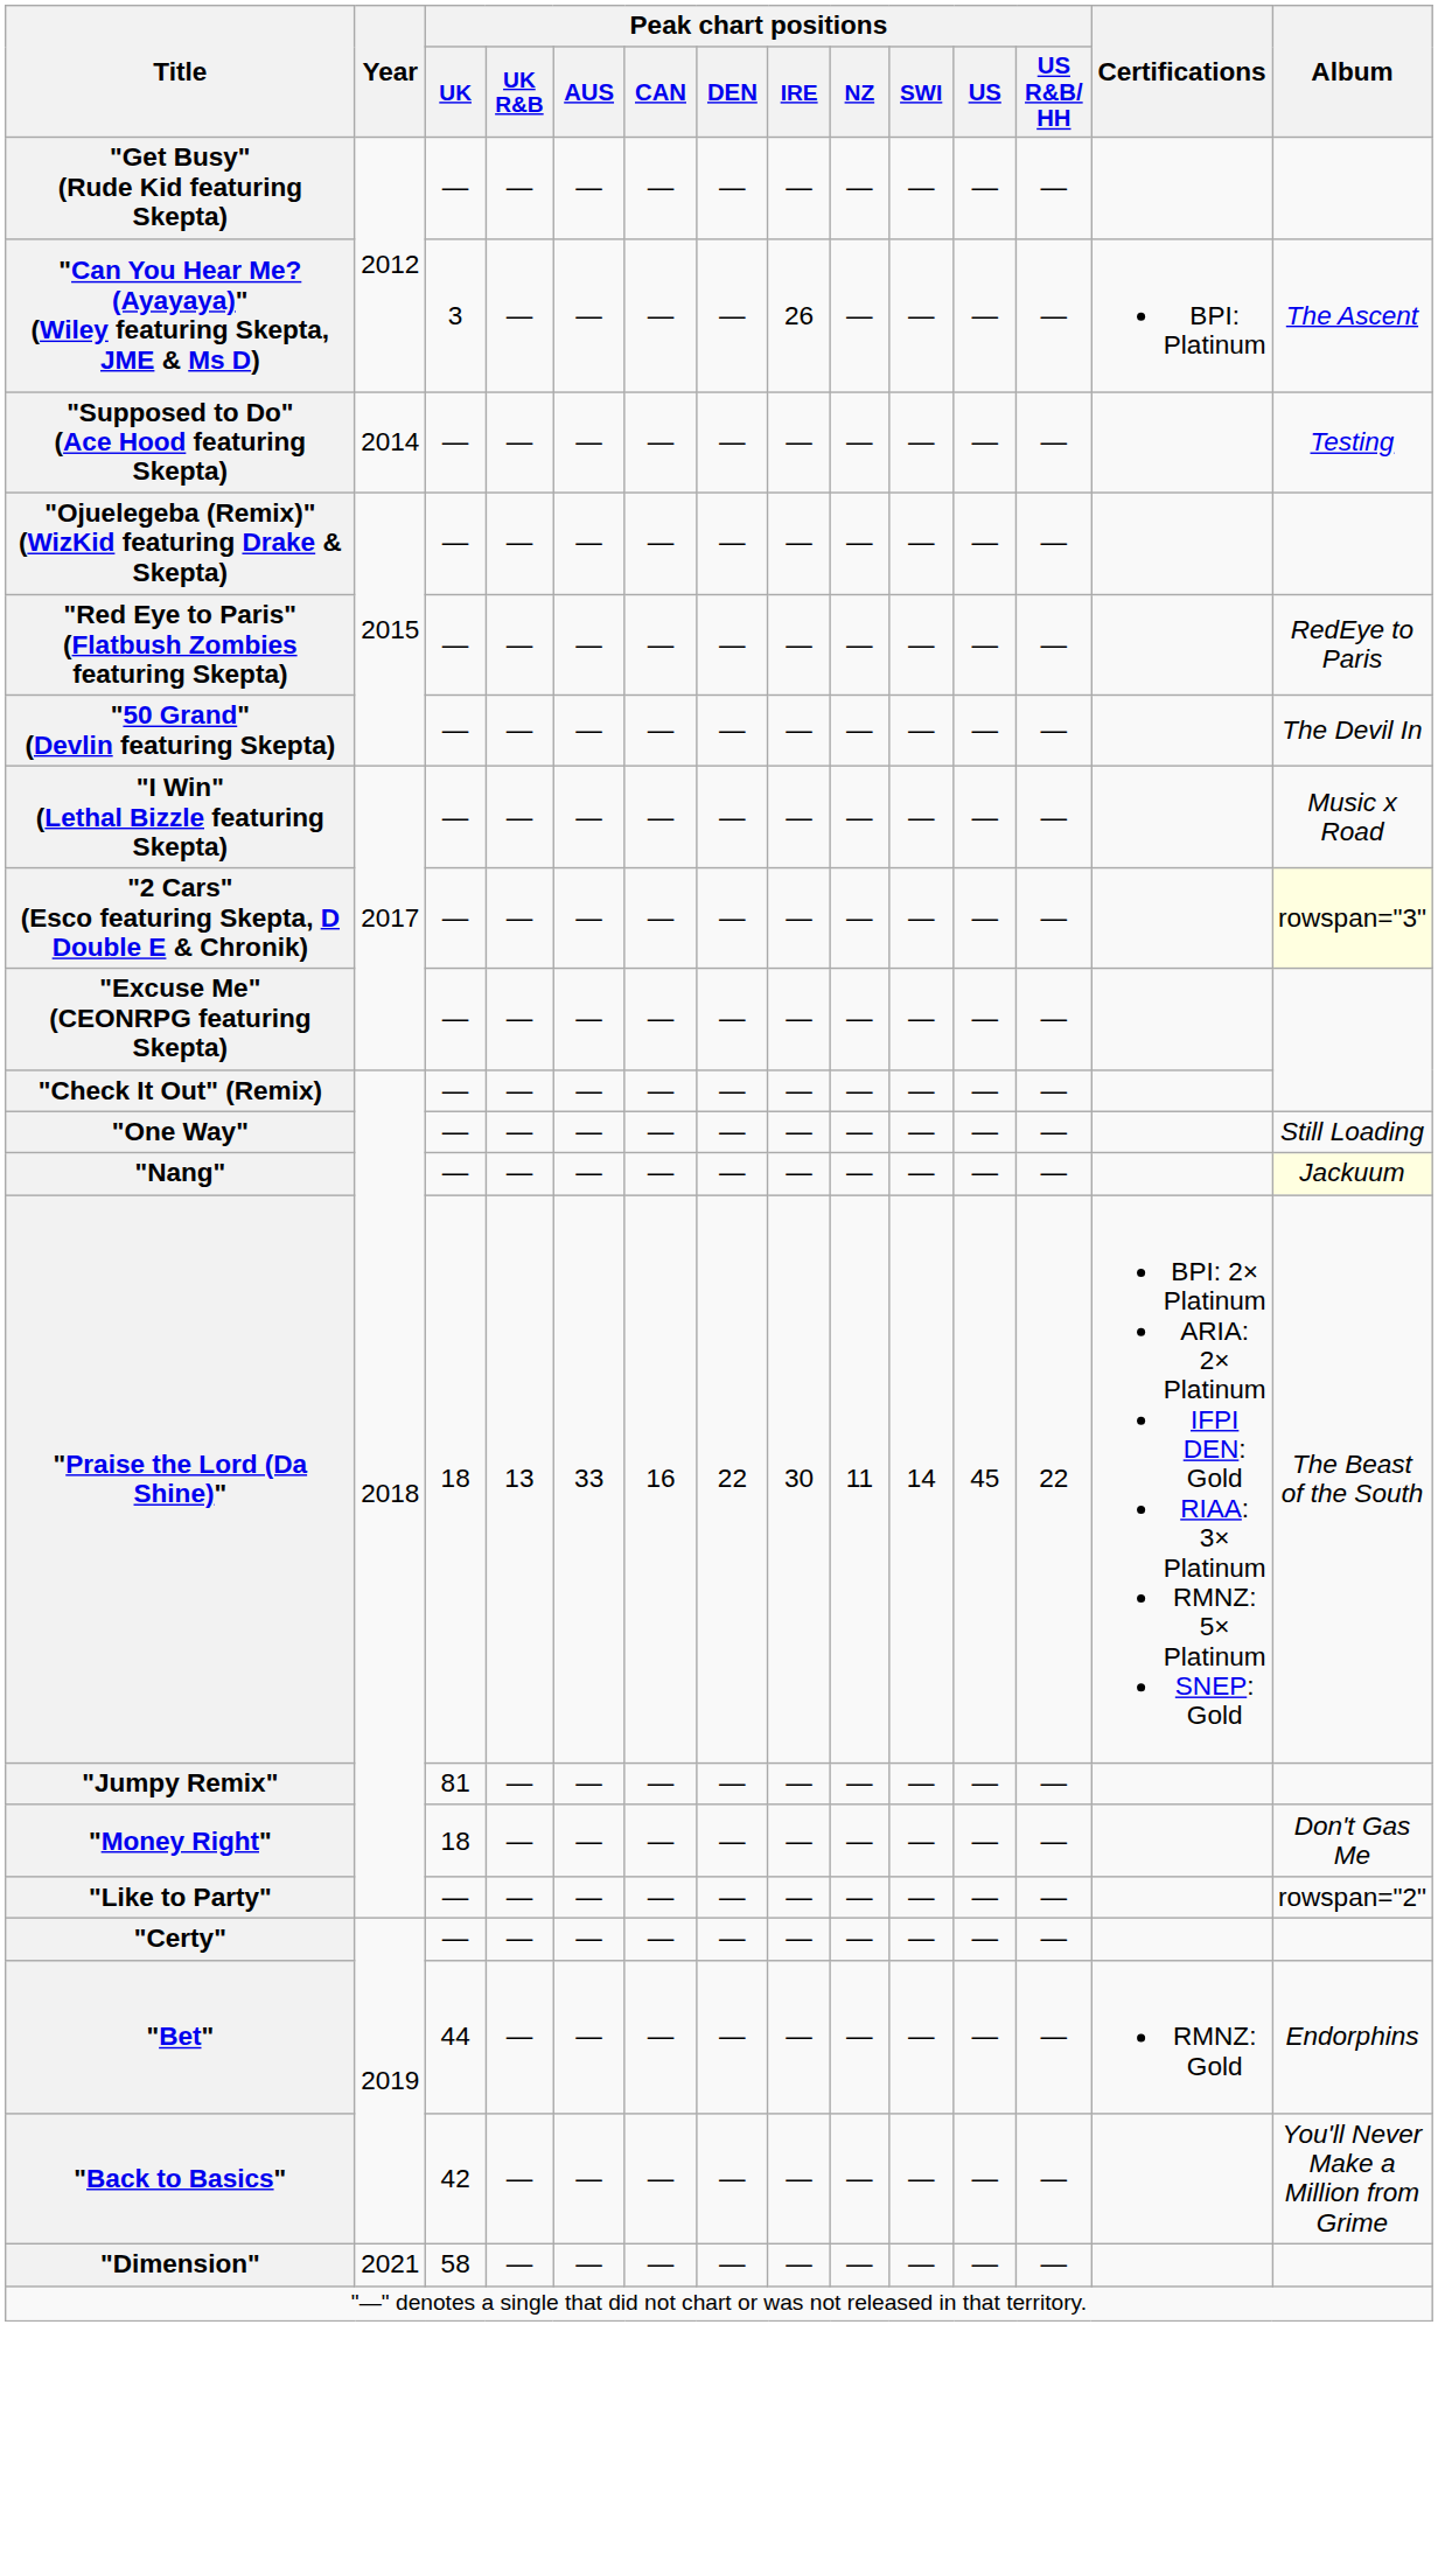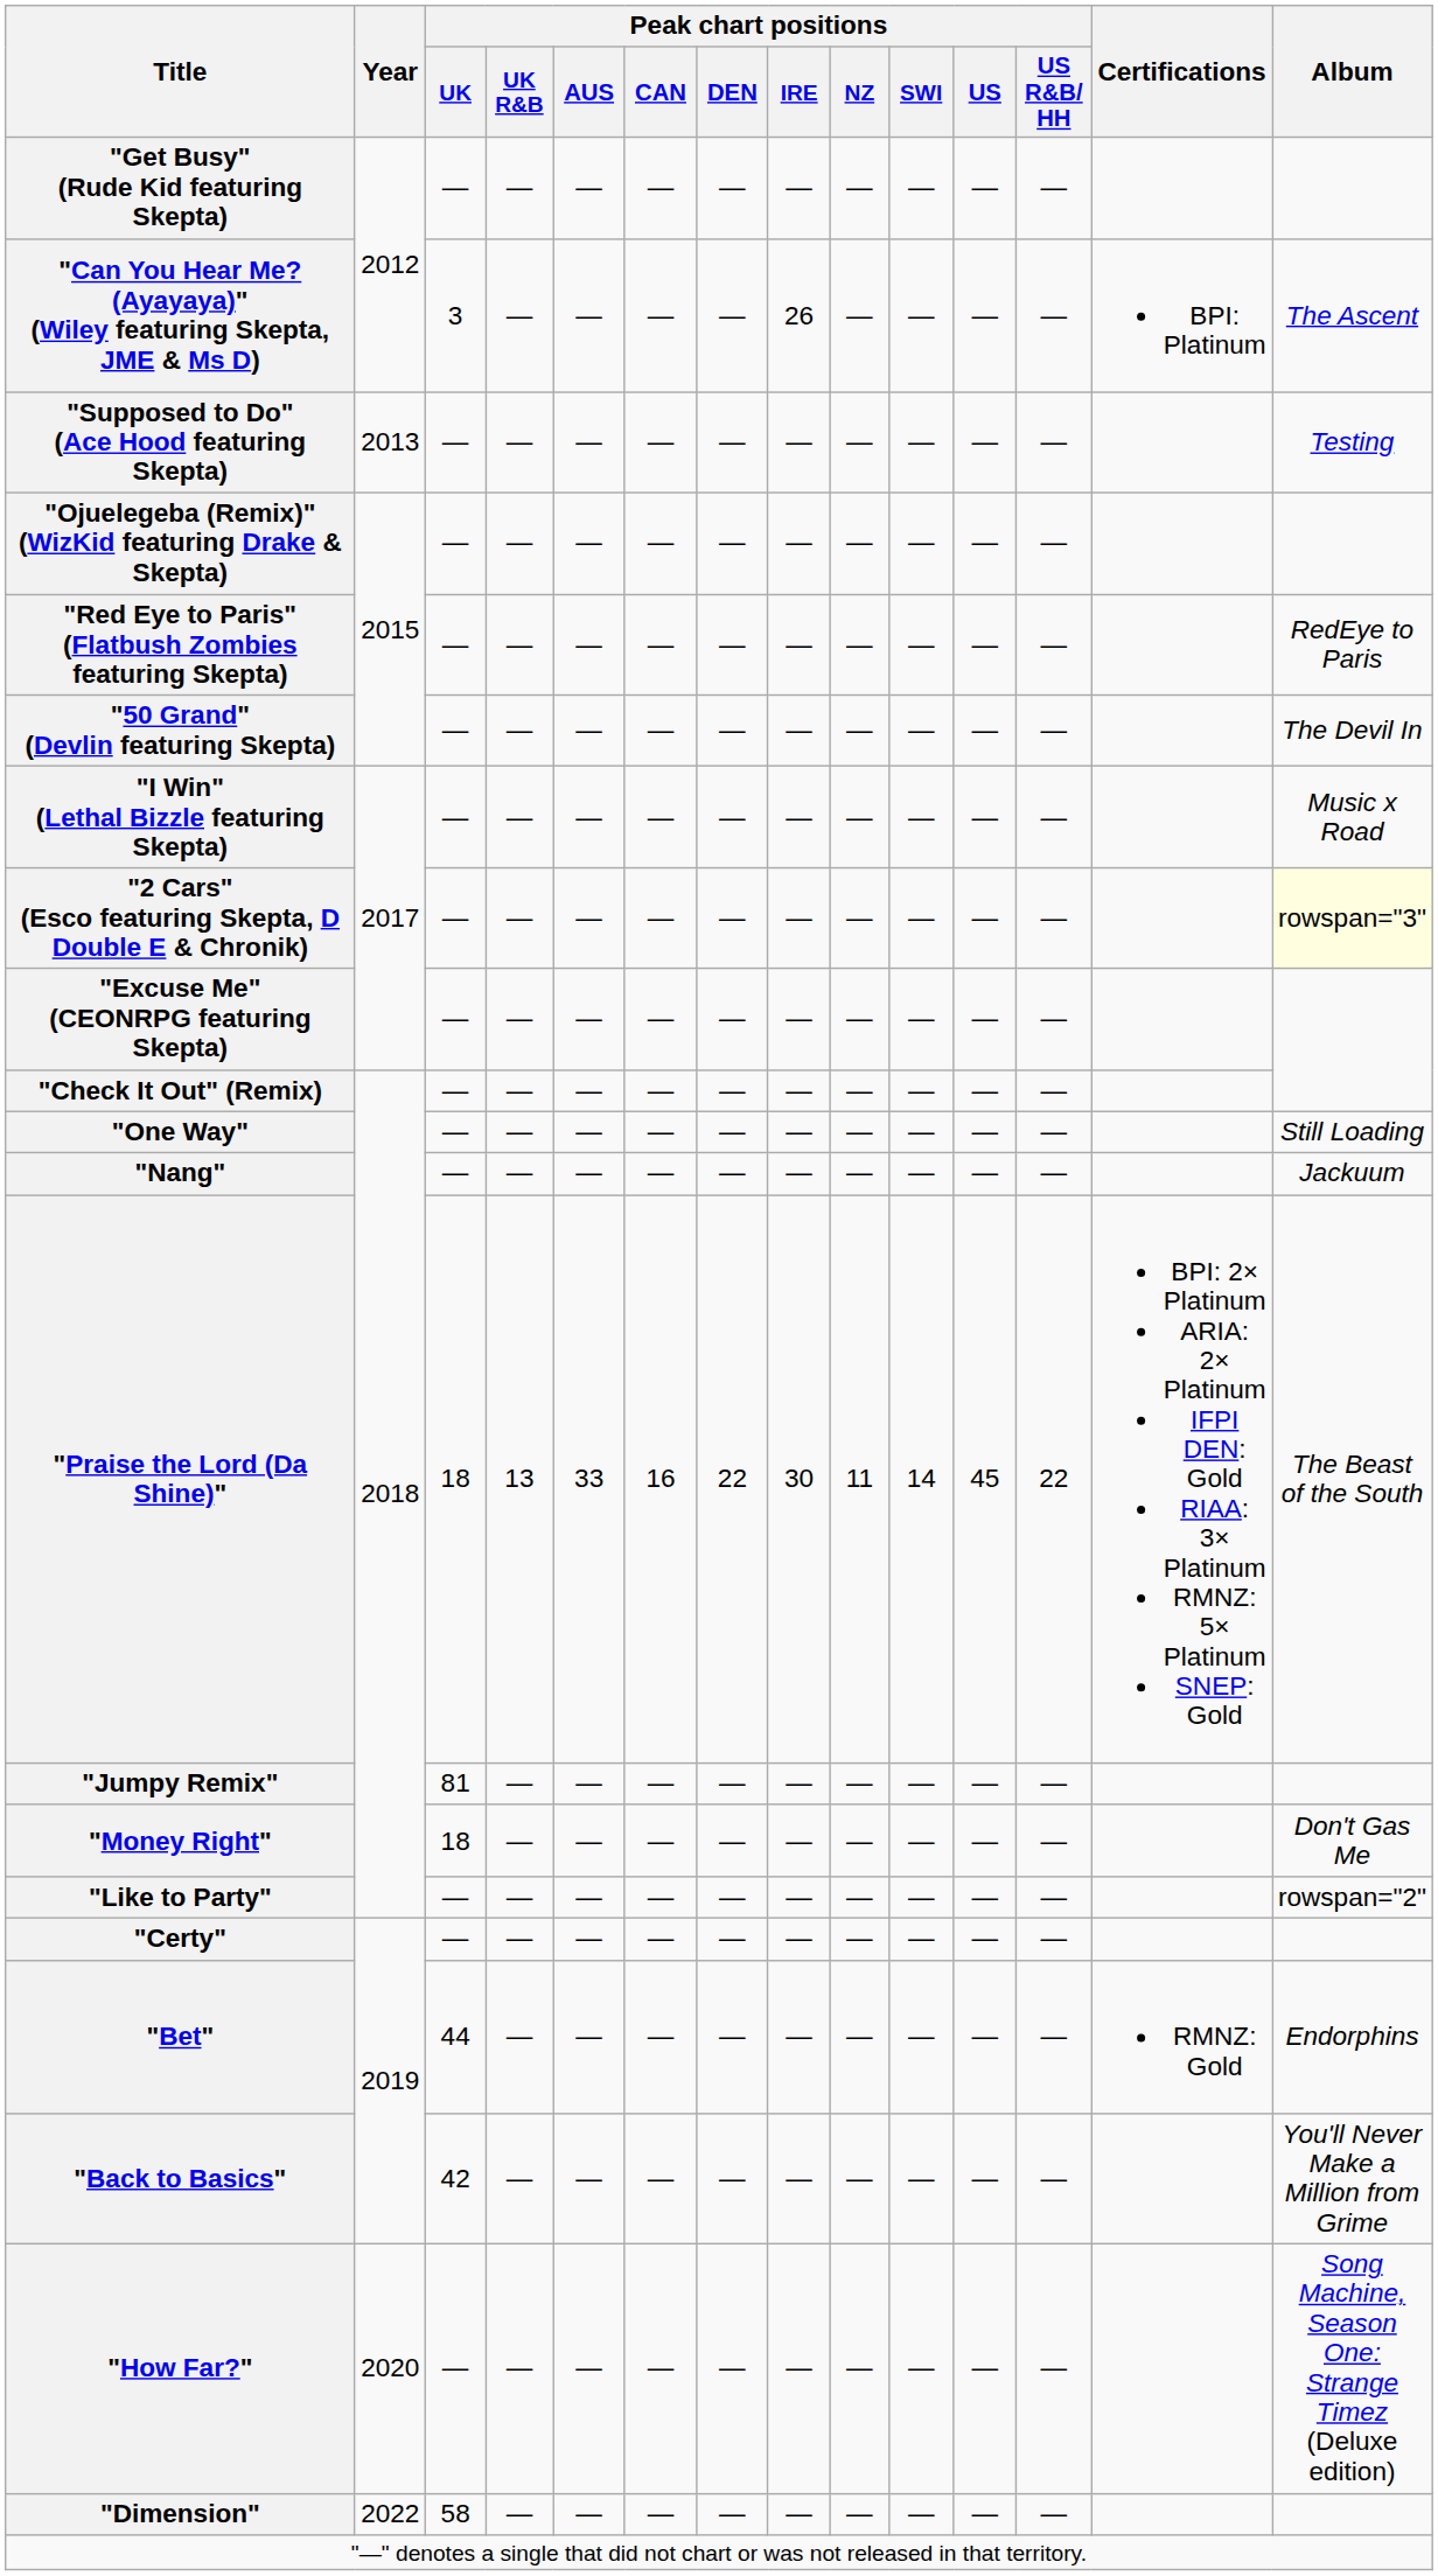 <table class="wikitable plainrowheaders" style="text-align:center;">
 <tr>
 <th scope="col" rowspan="2" style="width:20em;">Title</th>
 <th scope="col" rowspan="2" style="width:1em;">Year</th>
 <th scope="col" colspan="10">Peak chart positions</th>
 <th scope="col" rowspan="2">Certifications</th>
 <th scope="col" rowspan="2">Album</th>
 </tr>
 <tr>
 <th scope="col" style="width:3em;font-size:85%;"><a href='#'>UK</a><br></th>
 <th scope="col" style="width:3em;font-size:85%;"><a href='#'>UK<br>R&B</a><br></th>
 <th scope="col" style="width:3em;font-size:90%;"><a href='#'>AUS</a><br></th>
 <th scope="col" style="width:3em;font-size:90%;"><a href='#'>CAN</a><br></th>
 <th scope="col" style="width:3em;font-size:90%;"><a href='#'>DEN</a><br></th>
 <th scope="col" style="width:3em;font-size:85%;"><a href='#'>IRE</a><br></th>
 <th scope="col" style="width:3em;font-size:85%;"><a href='#'>NZ</a><br></th>
 <th scope="col" style="width:3em;font-size:85%;"><a href='#'>SWI</a><br></th>
 <th scope="col" style="width:3em;font-size:90%;"><a href='#'>US</a><br></th>
 <th scope="col" style="width:3em;font-size:90%;"><a href='#'>US<br>R&B/<br>HH</a><br></th>
 </tr>
 <tr>
 <th scope="row">"Get Busy"<br><span>(Rude Kid featuring Skepta)</span></th>
 <td rowspan="2">2012</td>
 <td>—</td>
 <td>—</td>
 <td>—</td>
 <td>—</td>
 <td>—</td>
 <td>—</td>
 <td>—</td>
 <td>—</td>
 <td>—</td>
 <td>—</td>
 <td></td>
 <td></td>
 </tr>
 <tr>
 <th scope="row">"<a href='#'>Can You Hear Me? (Ayayaya)</a>"<br><span>(<a href='#'>Wiley</a> featuring Skepta, <a href='#'>JME</a> & <a href='#'>Ms D</a>)</span></th>
 <td>3</td>
 <td>—</td>
 <td>—</td>
 <td>—</td>
 <td>—</td>
 <td>26</td>
 <td>—</td>
 <td>—</td>
 <td>—</td>
 <td>—</td>
 <td><br><ul><li>BPI: Platinum </li></ul></td>
 <td><em><a href='#'>The Ascent</a></em></td>
 </tr>
 <tr>
 <th scope="row">"Supposed to Do"<br><span>(<a href='#'>Ace Hood</a> featuring Skepta)</span></th>
-<td>2014</td>
+<td>2013</td>
 <td>—</td>
 <td>—</td>
 <td>—</td>
 <td>—</td>
 <td>—</td>
 <td>—</td>
 <td>—</td>
 <td>—</td>
 <td>—</td>
 <td>—</td>
 <td></td>
 <td><em><a href='#'>Testing</a></em></td>
 </tr>
 <tr>
 <th scope="row">"Ojuelegeba (Remix)"<br><span>(<a href='#'>WizKid</a> featuring <a href='#'>Drake</a> & Skepta)</span></th>
 <td rowspan="3">2015</td>
 <td>—</td>
 <td>—</td>
 <td>—</td>
 <td>—</td>
 <td>—</td>
 <td>—</td>
 <td>—</td>
 <td>—</td>
 <td>—</td>
 <td>—</td>
 <td></td>
 <td></td>
 </tr>
 <tr>
 <th scope="row">"Red Eye to Paris"<br><span>(<a href='#'>Flatbush Zombies</a> featuring Skepta)</span></th>
 <td>—</td>
 <td>—</td>
 <td>—</td>
 <td>—</td>
 <td>—</td>
 <td>—</td>
 <td>—</td>
 <td>—</td>
 <td>—</td>
 <td>—</td>
 <td></td>
 <td><em>RedEye to Paris</em></td>
 </tr>
 <tr>
 <th scope="row">"<a href='#'>50 Grand</a>"<br><span>(<a href='#'>Devlin</a> featuring Skepta)</span></th>
 <td>—</td>
 <td>—</td>
 <td>—</td>
 <td>—</td>
 <td>—</td>
 <td>—</td>
 <td>—</td>
 <td>—</td>
 <td>—</td>
 <td>—</td>
 <td></td>
 <td><em>The Devil In</em></td>
 </tr>
 <tr>
 <th scope="row">"I Win"<br><span>(<a href='#'>Lethal Bizzle</a> featuring Skepta)</span></th>
 <td rowspan="3">2017</td>
 <td>—</td>
 <td>—</td>
 <td>—</td>
 <td>—</td>
 <td>—</td>
 <td>—</td>
 <td>—</td>
 <td>—</td>
 <td>—</td>
 <td>—</td>
 <td></td>
 <td><em>Music x Road</em></td>
 </tr>
 <tr>
 <th scope="row">"2 Cars"<br><span>(Esco featuring Skepta, <a href='#'>D Double E</a> & Chronik)</span></th>
 <td>—</td>
 <td>—</td>
 <td>—</td>
 <td>—</td>
 <td>—</td>
 <td>—</td>
 <td>—</td>
 <td>—</td>
 <td>—</td>
 <td>—</td>
 <td></td>
 <td style="background: lightyellow;">rowspan="3" </td>
 </tr>
 <tr>
 <th scope="row">"Excuse Me"<br><span>(CEONRPG featuring Skepta)</span></th>
 <td>—</td>
 <td>—</td>
 <td>—</td>
 <td>—</td>
 <td>—</td>
 <td>—</td>
 <td>—</td>
 <td>—</td>
 <td>—</td>
 <td>—</td>
 <td></td>
 </tr>
 <tr>
 <th scope="row">"Check It Out" (Remix)<br></th>
 <td rowspan="7">2018</td>
 <td>—</td>
 <td>—</td>
 <td>—</td>
 <td>—</td>
 <td>—</td>
 <td>—</td>
 <td>—</td>
 <td>—</td>
 <td>—</td>
 <td>—</td>
 <td></td>
 </tr>
 <tr>
 <th scope="row">"One Way"<br></th>
 <td>—</td>
 <td>—</td>
 <td>—</td>
 <td>—</td>
 <td>—</td>
 <td>—</td>
 <td>—</td>
 <td>—</td>
 <td>—</td>
 <td>—</td>
 <td></td>
 <td><em>Still Loading</em></td>
 </tr>
 <tr>
 <th scope="row">"Nang"<br></th>
 <td>—</td>
 <td>—</td>
 <td>—</td>
 <td>—</td>
 <td>—</td>
 <td>—</td>
 <td>—</td>
 <td>—</td>
 <td>—</td>
 <td>—</td>
 <td></td>
-<td style="background: lightyellow;"><em>Jackuum</em></td>
+<td><em>Jackuum</em></td>
 </tr>
 <tr>
 <th scope="row">"<a href='#'>Praise the Lord (Da Shine)</a>" <br></th>
 <td>18</td>
 <td>13</td>
 <td>33</td>
 <td>16</td>
 <td>22</td>
 <td>30</td>
 <td>11</td>
 <td>14</td>
 <td>45</td>
 <td>22</td>
 <td><br><ul><li>BPI: 2× Platinum</li><li>ARIA: 2× Platinum</li><li><a href='#'>IFPI DEN</a>: Gold</li><li><a href='#'>RIAA</a>: 3× Platinum</li><li>RMNZ: 5× Platinum</li><li><a href='#'>SNEP</a>: Gold</li></ul></td>
 <td><em>The Beast of the South</em></td>
 </tr>
 <tr>
 <th scope="row">"Jumpy Remix"<br></th>
 <td>81</td>
 <td>—</td>
 <td>—</td>
 <td>—</td>
 <td>—</td>
 <td>—</td>
 <td>—</td>
 <td>—</td>
 <td>—</td>
 <td>—</td>
 <td></td>
 <td></td>
 </tr>
 <tr>
 <th scope="row">"<a href='#'>Money Right</a>"<br></th>
 <td>18</td>
 <td>—</td>
 <td>—</td>
 <td>—</td>
 <td>—</td>
 <td>—</td>
 <td>—</td>
 <td>—</td>
 <td>—</td>
 <td>—</td>
 <td></td>
 <td><em>Don't Gas Me</em></td>
 </tr>
 <tr>
 <th scope="row">"Like to Party"<br></th>
 <td>—</td>
 <td>—</td>
 <td>—</td>
 <td>—</td>
 <td>—</td>
 <td>—</td>
 <td>—</td>
 <td>—</td>
 <td>—</td>
 <td>—</td>
 <td></td>
 <td>rowspan="2" </td>
 </tr>
 <tr>
 <th scope="row">"Certy"<br></th>
 <td rowspan="3">2019</td>
 <td>—</td>
 <td>—</td>
 <td>—</td>
 <td>—</td>
 <td>—</td>
 <td>—</td>
 <td>—</td>
 <td>—</td>
 <td>—</td>
 <td>—</td>
 <td></td>
 </tr>
 <tr>
 <th scope="row">"<a href='#'>Bet</a>"<br></th>
 <td>44</td>
 <td>—</td>
 <td>—</td>
 <td>—</td>
 <td>—</td>
 <td>—</td>
 <td>—</td>
 <td>—</td>
 <td>—</td>
 <td>—</td>
 <td><br><ul><li>RMNZ: Gold</li></ul></td>
 <td><em>Endorphins</em></td>
 </tr>
 <tr>
 <th scope="row">"<a href='#'>Back to Basics</a>"<br></th>
 <td>42</td>
 <td>—</td>
 <td>—</td>
 <td>—</td>
 <td>—</td>
 <td>—</td>
 <td>—</td>
 <td>—</td>
 <td>—</td>
 <td>—</td>
 <td></td>
 <td><em>You'll Never Make a Million from Grime</em></td>
 </tr>
 <tr>
+<th scope="row">"<a href='#'>How Far?</a>"<br></th>
+<td>2020</td>
+<td>—</td>
+<td>—</td>
+<td>—</td>
+<td>—</td>
+<td>—</td>
+<td>—</td>
+<td>—</td>
+<td>—</td>
+<td>—</td>
+<td>—</td>
+<td></td>
+<td><em><a href='#'>Song Machine, Season One: Strange Timez</a></em> (Deluxe edition)</td>
+</tr>
+<tr>
 <th scope="row">"Dimension"<br></th>
-<td>2021</td>
+<td>2022</td>
 <td>58</td>
 <td>—</td>
 <td>—</td>
 <td>—</td>
 <td>—</td>
 <td>—</td>
 <td>—</td>
 <td>—</td>
 <td>—</td>
 <td>—</td>
 <td></td>
 <td></td>
 </tr>
 <tr>
 <td colspan="14" style="font-size:85%">"—" denotes a single that did not chart or was not released in that territory.</td>
 </tr>
 </table>
